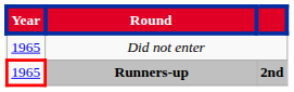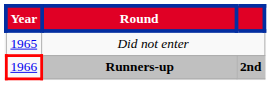 <table class="wikitable" style="text-align: center; font-size:90%">
 <tr style="color:white;">
 <th style="background:#e00025; border: 4px solid #032ea1;">Year</th>
 <th style="background:#e00025; border: 4px solid #032ea1; width:200px">Round</th>
 <th style="background:#e00025; border: 4px solid #032ea1;"></th>
 </tr>
 <tr>
 <td><a href='#'>1965</a></td>
 <td colspan="2"><em>Did not enter</em></td>
 </tr>
 <tr>
-<td style="border: 3px solid red"><a href='#'>1965</a></td>
+<td style="border: 3px solid red"><a href='#'>1966</a></td>
 <td bgcolor="Silver"><strong>Runners-up</strong></td>
 <td bgcolor="Silver"><strong>2nd</strong></td>
 </tr>
 </table>
